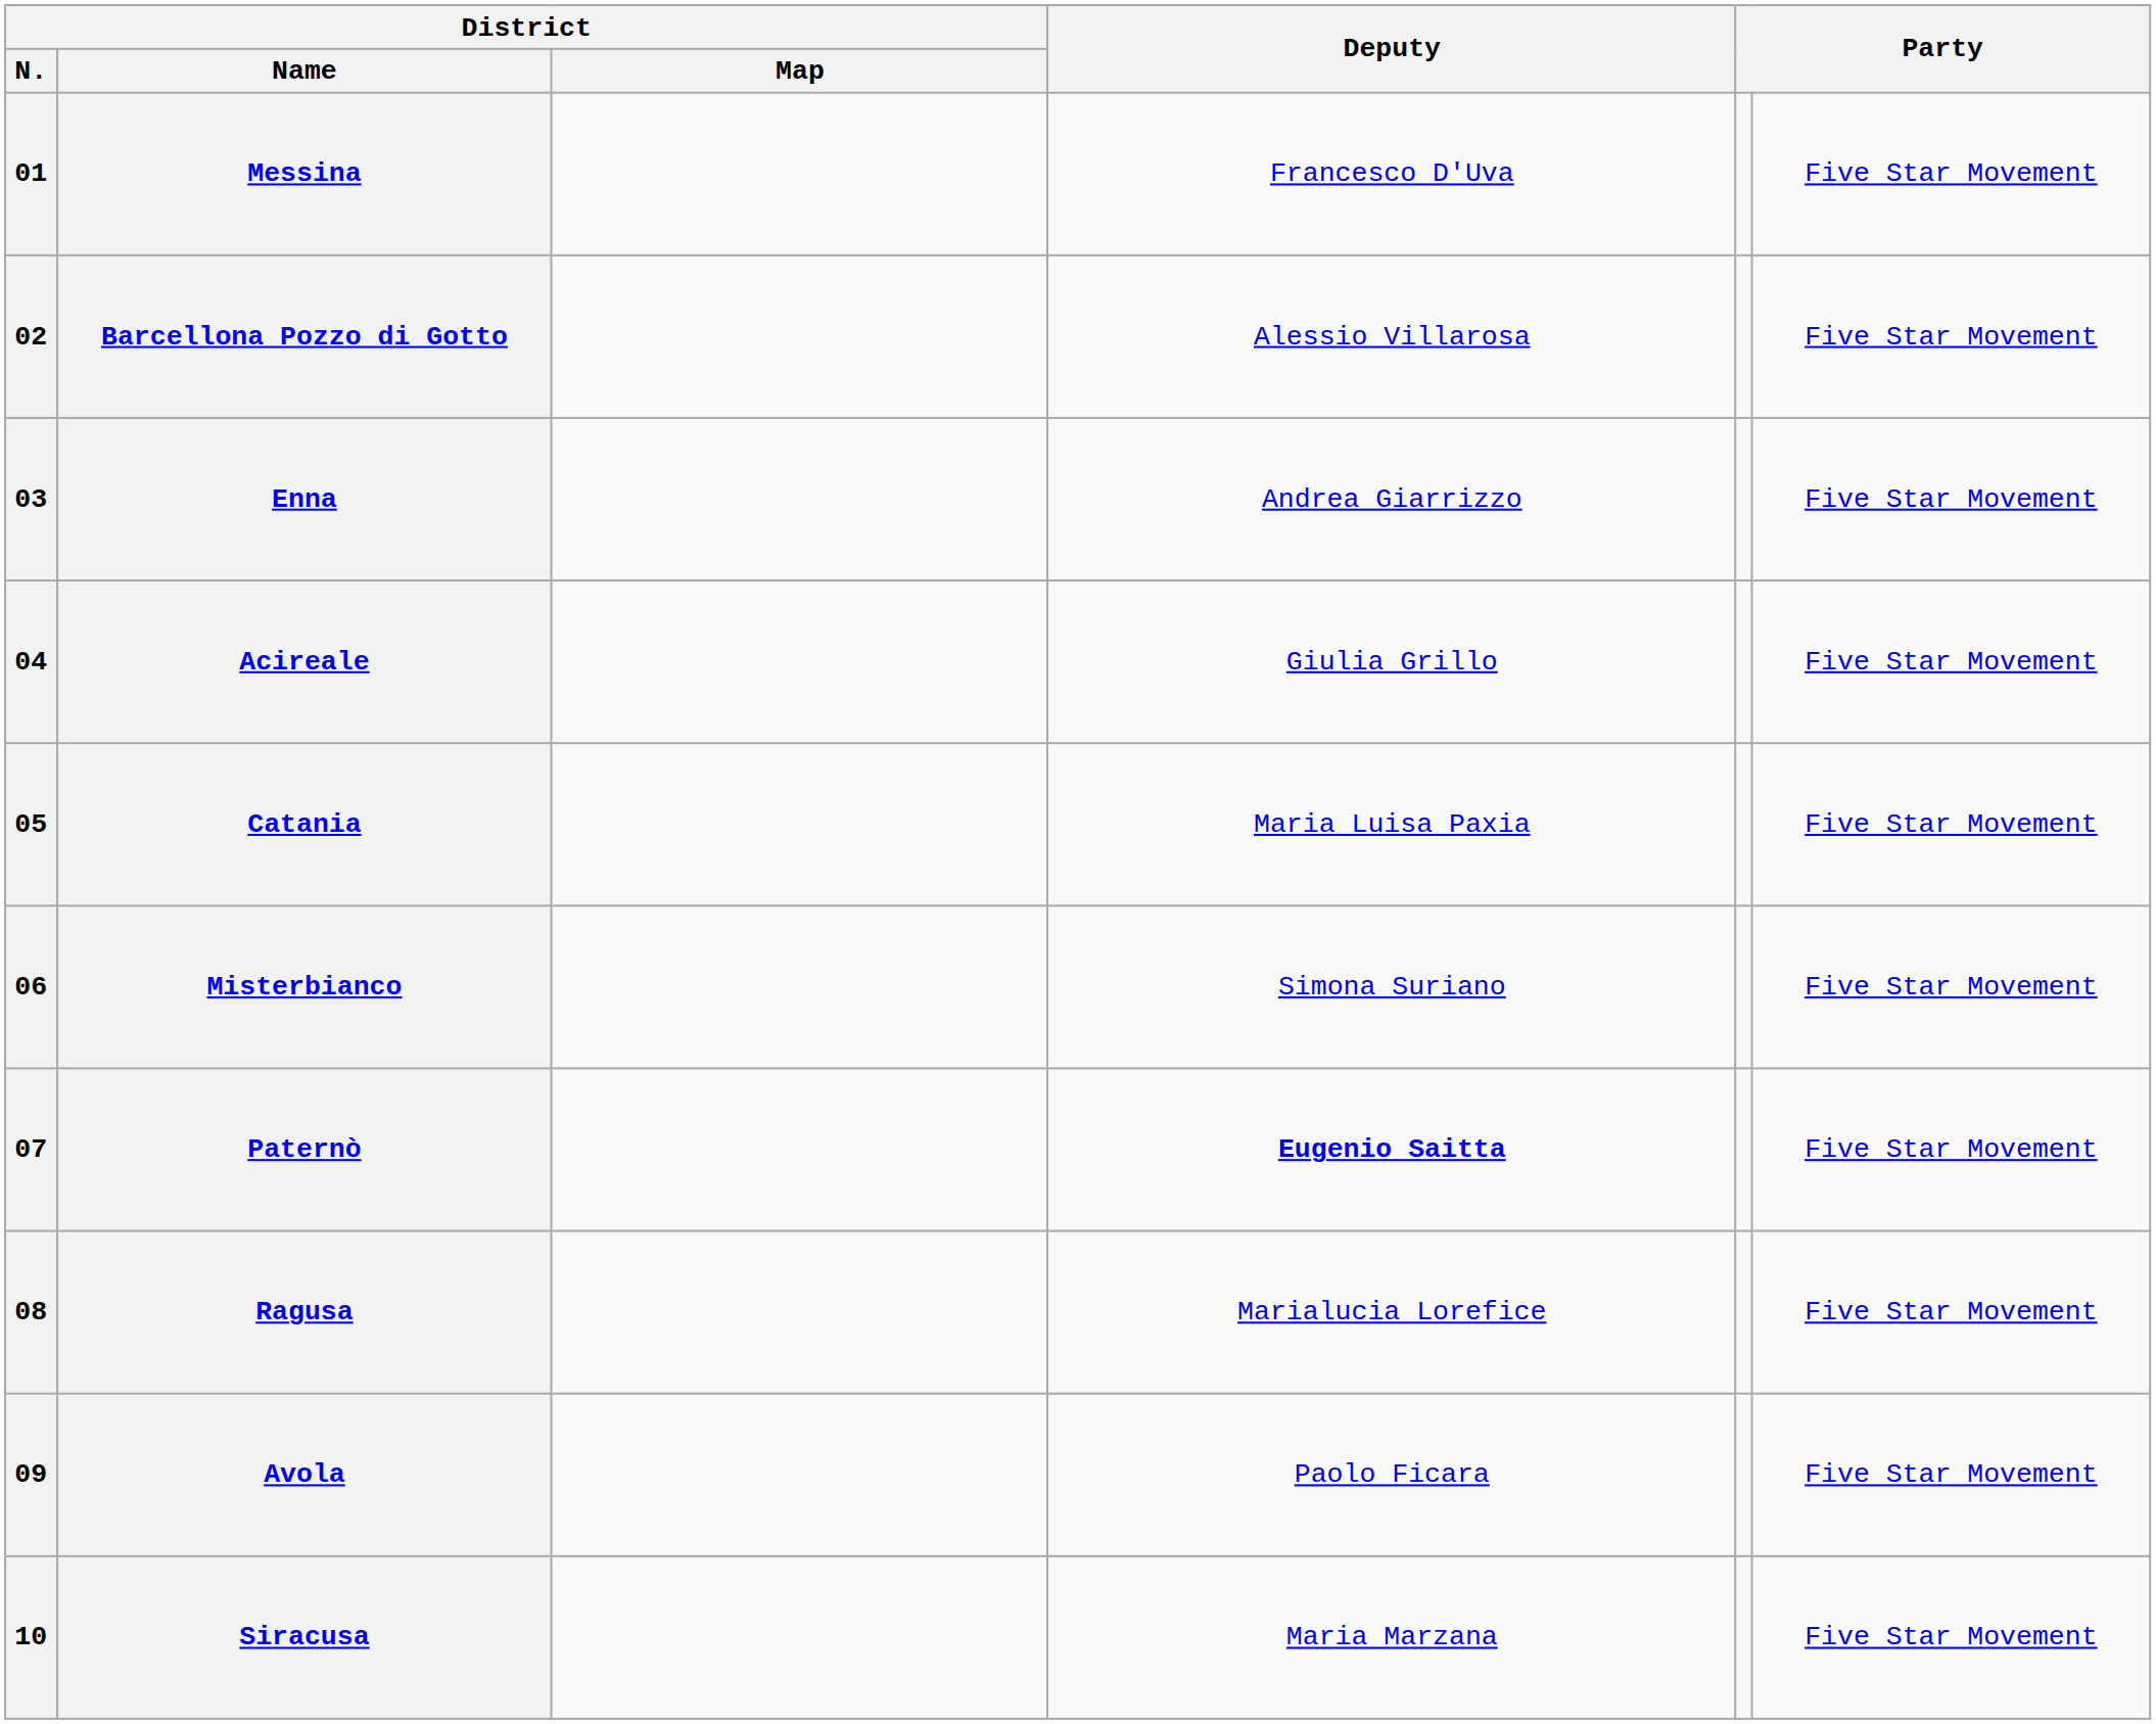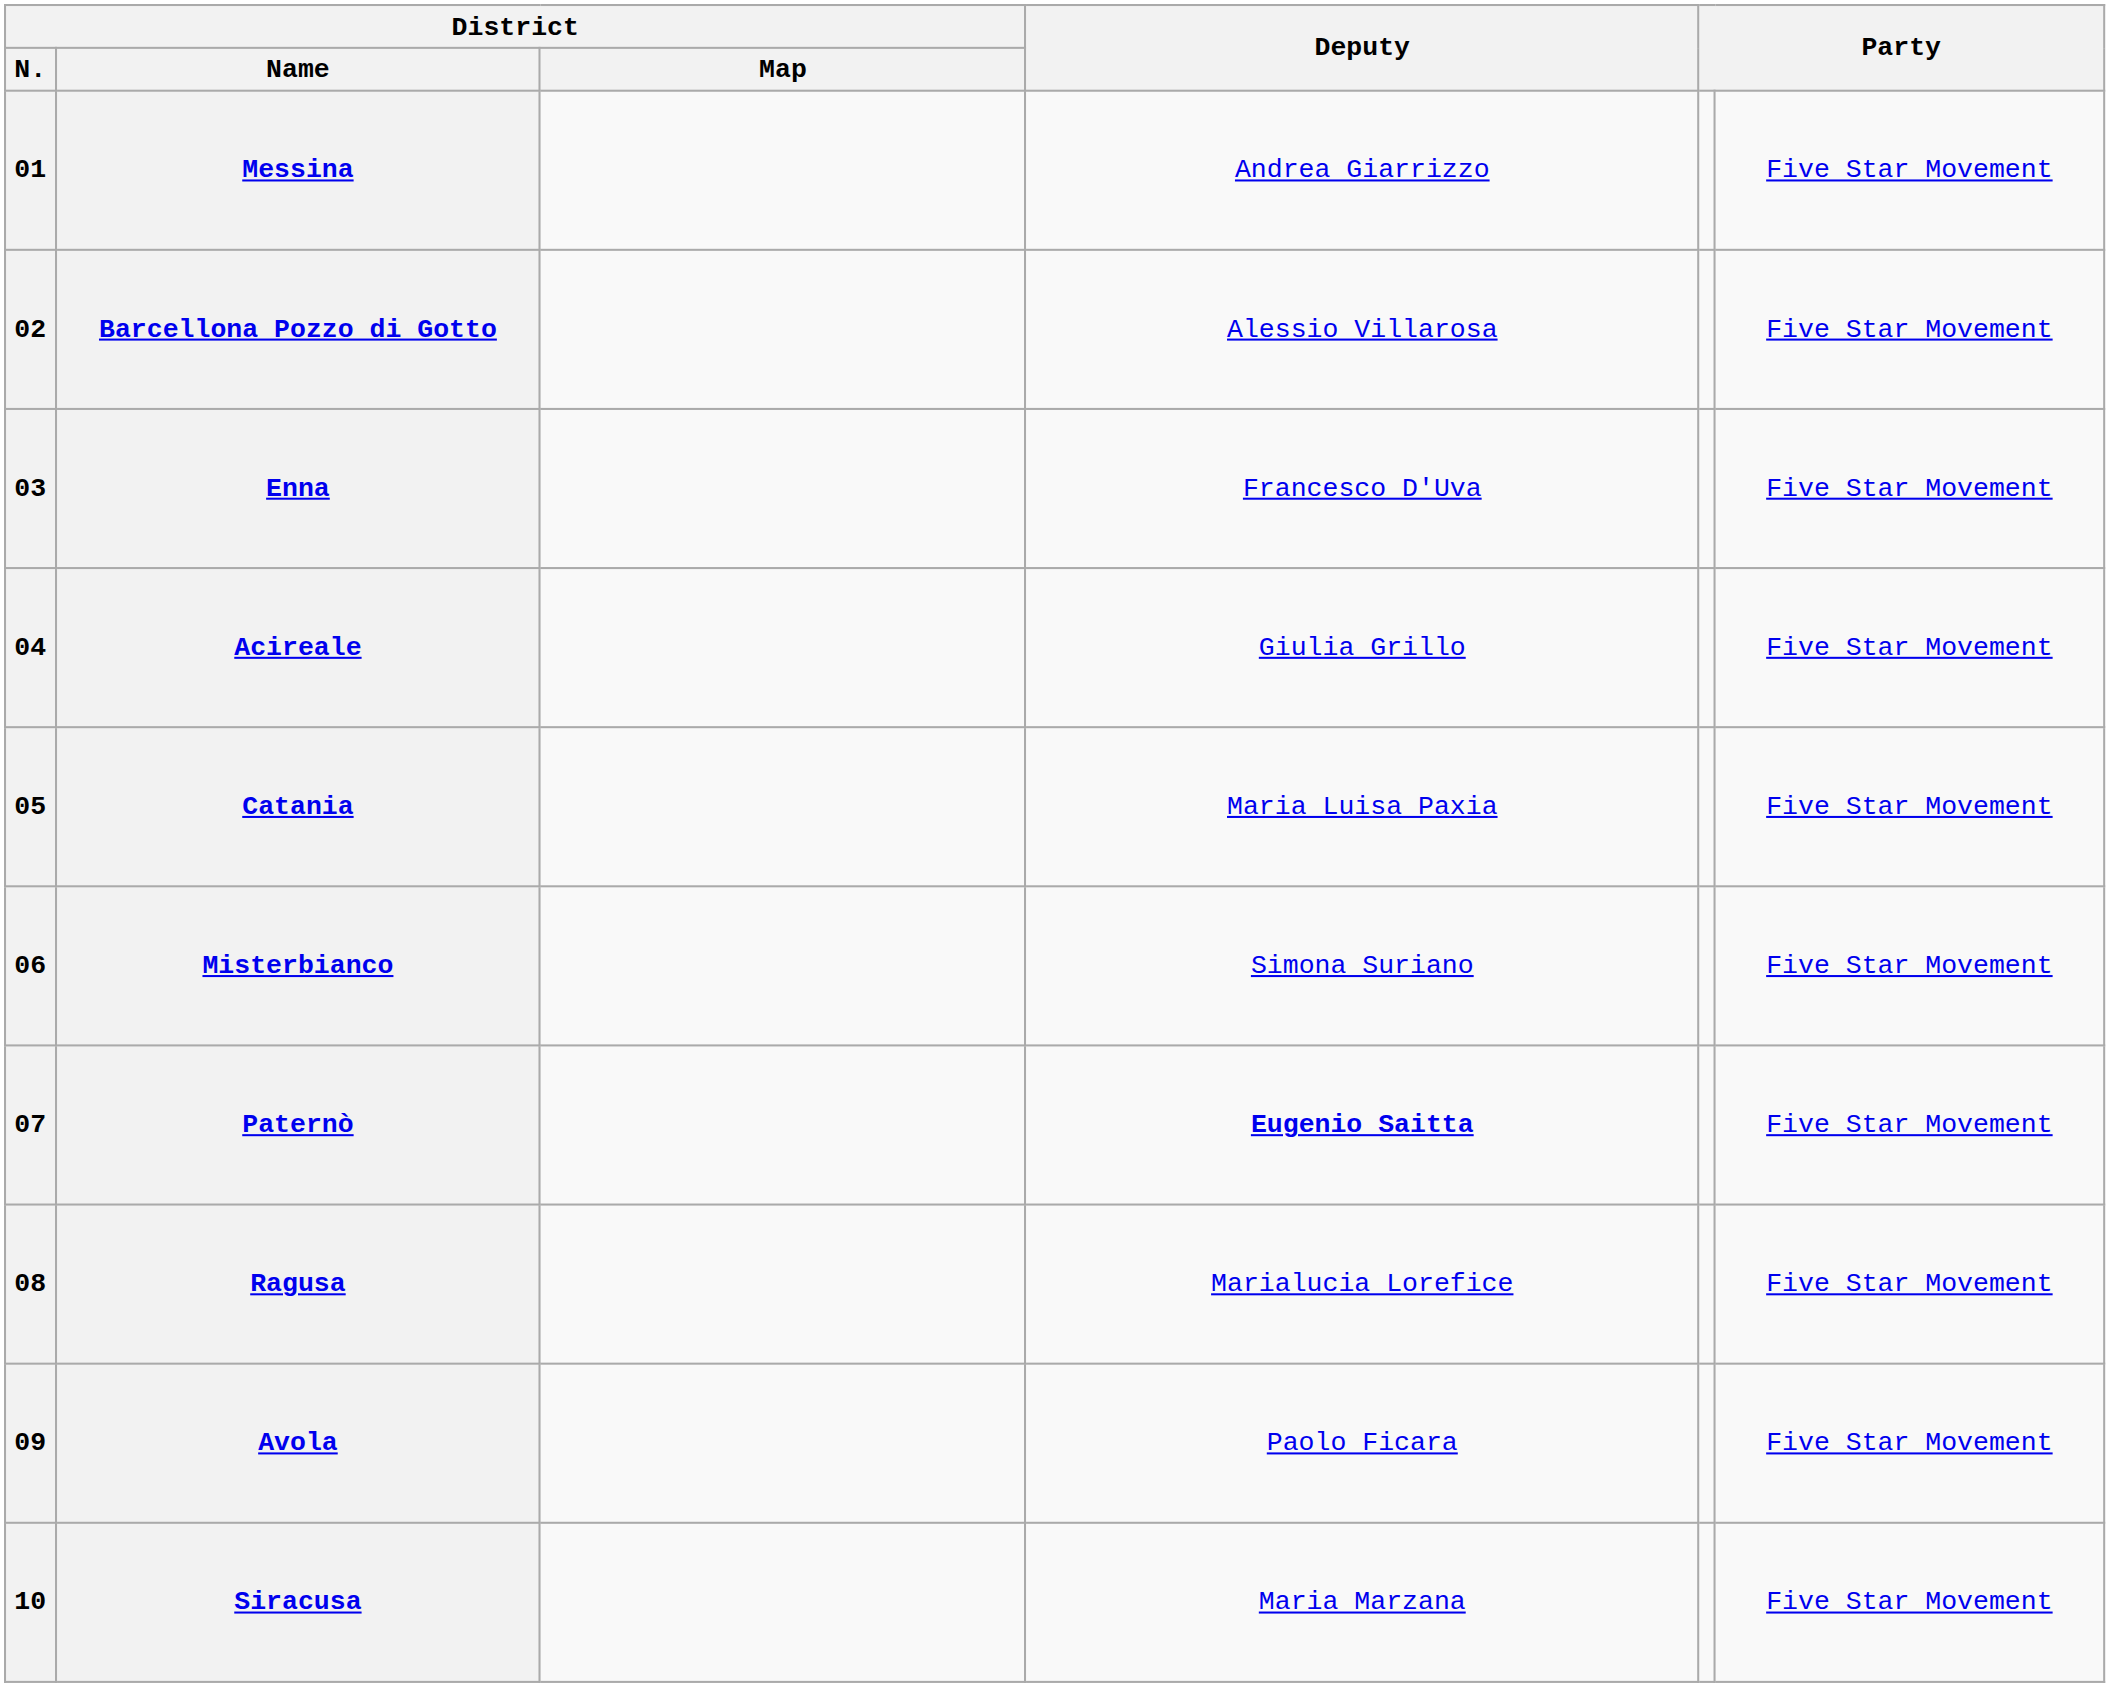 <table class="wikitable" style="text-align:center; style="width=65%">
 <tr>
 <th width=35% colspan="3">District</th>
 <th width=25% rowspan="2">Deputy</th>
 <th width=15% colspan="2" rowspan="2">Party</th>
 </tr>
 <tr>
 <th width=1%>N.</th>
 <th width=18%>Name</th>
 <th width=18%>Map</th>
 </tr>
 <tr style="height:6em;">
 <th>01</th>
 <th><a href='#'>Messina</a></th>
 <td></td>
-<td><a href='#'>Francesco D'Uva</a></td>
+<td><a href='#'>Andrea Giarrizzo</a></td>
 <td style="background:"></td>
 <td><a href='#'>Five Star Movement</a></td>
 </tr>
 <tr style="height:6em;">
 <th>02</th>
 <th><a href='#'>Barcellona Pozzo di Gotto</a></th>
 <td></td>
 <td><a href='#'>Alessio Villarosa</a></td>
 <td style="background:"></td>
 <td colspan=3><a href='#'>Five Star Movement</a></td>
 </tr>
 <tr style="height:6em;">
 <th>03</th>
 <th><a href='#'>Enna</a></th>
 <td></td>
-<td><a href='#'>Andrea Giarrizzo</a></td>
+<td><a href='#'>Francesco D'Uva</a></td>
 <td style="background:"></td>
 <td colspan=3><a href='#'>Five Star Movement</a></td>
 </tr>
 <tr style="height:6em;">
 <th>04</th>
 <th><a href='#'>Acireale</a></th>
 <td></td>
 <td><a href='#'>Giulia Grillo</a></td>
 <td style="background:"></td>
 <td colspan=3><a href='#'>Five Star Movement</a></td>
 </tr>
 <tr style="height:6em;">
 <th>05</th>
 <th><a href='#'>Catania</a></th>
 <td></td>
 <td><a href='#'>Maria Luisa Paxia</a></td>
 <td style="background:"></td>
 <td colspan=3><a href='#'>Five Star Movement</a></td>
 </tr>
 <tr style="height:6em;">
 <th>06</th>
 <th><a href='#'>Misterbianco</a></th>
 <td></td>
 <td><a href='#'>Simona Suriano</a></td>
 <td style="background:"></td>
 <td colspan=3><a href='#'>Five Star Movement</a></td>
 </tr>
 <tr style="height:6em;">
 <th>07</th>
 <th><a href='#'>Paternò</a></th>
 <td></td>
 <td><strong><a href='#'>Eugenio Saitta</a></strong></td>
 <td style="background:"></td>
 <td colspan=3><a href='#'>Five Star Movement</a></td>
 </tr>
 <tr style="height:6em;">
 <th>08</th>
 <th><a href='#'>Ragusa</a></th>
 <td></td>
 <td><a href='#'>Marialucia Lorefice</a></td>
 <td style="background:"></td>
 <td colspan=3><a href='#'>Five Star Movement</a></td>
 </tr>
 <tr style="height:6em;">
 <th>09</th>
 <th><a href='#'>Avola</a></th>
 <td></td>
 <td><a href='#'>Paolo Ficara</a></td>
 <td style="background:"></td>
 <td colspan=3><a href='#'>Five Star Movement</a></td>
 </tr>
 <tr style="height:6em;">
 <th>10</th>
 <th><a href='#'>Siracusa</a></th>
 <td></td>
 <td><a href='#'>Maria Marzana</a></td>
 <td style="background:"></td>
 <td colspan=3><a href='#'>Five Star Movement</a></td>
 </tr>
 </table>
